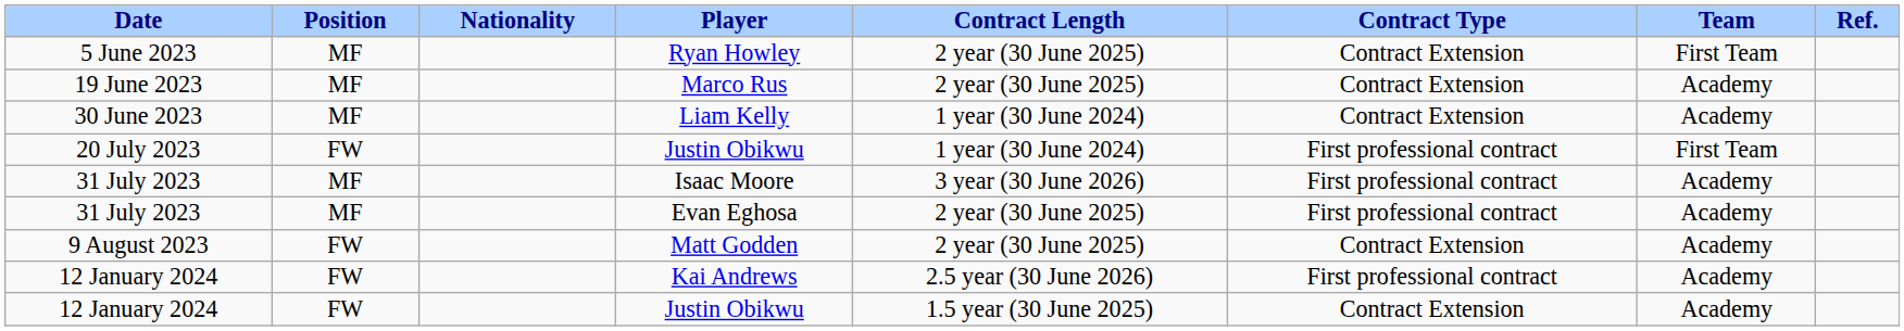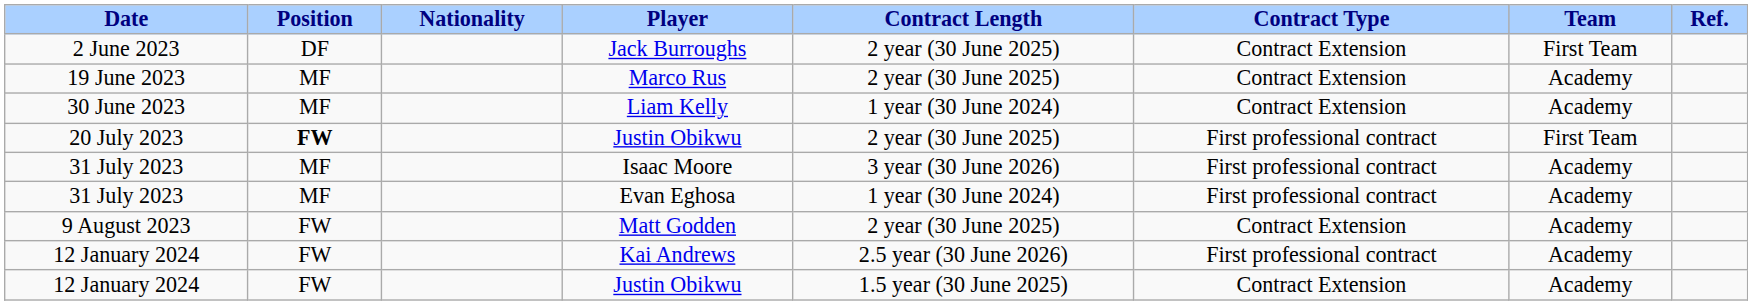 <table class="wikitable sortable alternance" style="font-size:100%; text-align:center; line-height:14px; width:100%;">
 <tr>
 <th style="background:#AAD0FF; color:#000080; ">Date</th>
 <th style="background:#AAD0FF; color:#000080; ">Position</th>
 <th style="background:#AAD0FF; color:#000080; ">Nationality</th>
 <th style="background:#AAD0FF; color:#000080; ">Player</th>
 <th style="background:#AAD0FF; color:#000080; ">Contract Length</th>
 <th style="background:#AAD0FF; color:#000080; ">Contract Type</th>
 <th style="background:#AAD0FF; color:#000080; ">Team</th>
 <th style="background:#AAD0FF; color:#000080; ">Ref.</th>
 </tr>
 <tr>
-<td>5 June 2023</td>
-<td>MF</td>
+<td>2 June 2023</td>
+<td>DF</td>
 <td></td>
-<td><a href='#'>Ryan Howley</a></td>
+<td><a href='#'>Jack Burroughs</a></td>
 <td>2 year (30 June 2025)</td>
 <td>Contract Extension</td>
 <td>First Team</td>
 <td></td>
 </tr>
 <tr>
 <td>19 June 2023</td>
 <td>MF</td>
 <td></td>
 <td><a href='#'>Marco Rus</a></td>
 <td>2 year (30 June 2025)</td>
 <td>Contract Extension</td>
 <td>Academy</td>
 <td></td>
 </tr>
 <tr>
 <td>30 June 2023</td>
 <td>MF</td>
 <td></td>
 <td><a href='#'>Liam Kelly</a></td>
 <td>1 year (30 June 2024)</td>
 <td>Contract Extension</td>
 <td>Academy</td>
 <td></td>
 </tr>
 <tr>
 <td>20 July 2023</td>
-<td>FW</td>
+<td><strong>FW</strong></td>
 <td></td>
 <td><a href='#'>Justin Obikwu</a></td>
-<td>1 year (30 June 2024)</td>
+<td>2 year (30 June 2025)</td>
 <td>First professional contract</td>
 <td>First Team</td>
 <td></td>
 </tr>
 <tr>
 <td>31 July 2023</td>
 <td>MF</td>
 <td></td>
 <td>Isaac Moore</td>
 <td>3 year (30 June 2026)</td>
 <td>First professional contract</td>
 <td>Academy</td>
 <td></td>
 </tr>
 <tr>
 <td>31 July 2023</td>
 <td>MF</td>
 <td></td>
 <td>Evan Eghosa</td>
-<td>2 year (30 June 2025)</td>
+<td>1 year (30 June 2024)</td>
 <td>First professional contract</td>
 <td>Academy</td>
 <td></td>
 </tr>
 <tr>
 <td>9 August 2023</td>
 <td>FW</td>
 <td></td>
 <td><a href='#'>Matt Godden</a></td>
 <td>2 year (30 June 2025)</td>
 <td>Contract Extension</td>
 <td>Academy</td>
 <td></td>
 </tr>
 <tr>
 <td>12 January 2024</td>
 <td>FW</td>
 <td></td>
 <td><a href='#'>Kai Andrews</a></td>
 <td>2.5 year (30 June 2026)</td>
 <td>First professional contract</td>
 <td>Academy</td>
 <td></td>
 </tr>
 <tr>
 <td>12 January 2024</td>
 <td>FW</td>
 <td></td>
 <td><a href='#'>Justin Obikwu</a></td>
 <td>1.5 year (30 June 2025)</td>
 <td>Contract Extension</td>
 <td>Academy</td>
 <td></td>
 </tr>
 </table>
